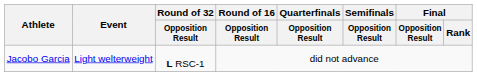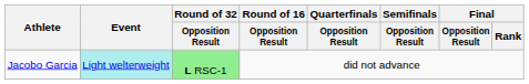 <table class=wikitable style="font-size:90%">
 <tr>
 <th rowspan="2">Athlete</th>
 <th rowspan="2">Event</th>
 <th>Round of 32</th>
 <th>Round of 16</th>
 <th>Quarterfinals</th>
 <th>Semifinals</th>
 <th colspan="2">Final</th>
 </tr>
 <tr>
 <th style="line-height:1em"><small>Opposition<br>Result</small></th>
 <th style="line-height:1em"><small>Opposition<br>Result</small></th>
 <th style="line-height:1em"><small>Opposition<br>Result</small></th>
 <th style="line-height:1em"><small>Opposition<br>Result</small></th>
 <th style="line-height:1em"><small>Opposition<br>Result</small></th>
 <th>Rank</th>
 </tr>
 <tr>
 <td><a href='#'>Jacobo Garcia</a></td>
-<td><a href='#'>Light welterweight</a></td>
-<td align="center"><br><strong>L</strong> RSC-1</td>
+<td style="background: paleturquoise;"><a href='#'>Light welterweight</a></td>
+<td align="center" style="background: lightgreen;"><br><strong>L</strong> RSC-1</td>
 <td align="center" colspan="5">did not advance</td>
 </tr>
 </table>
